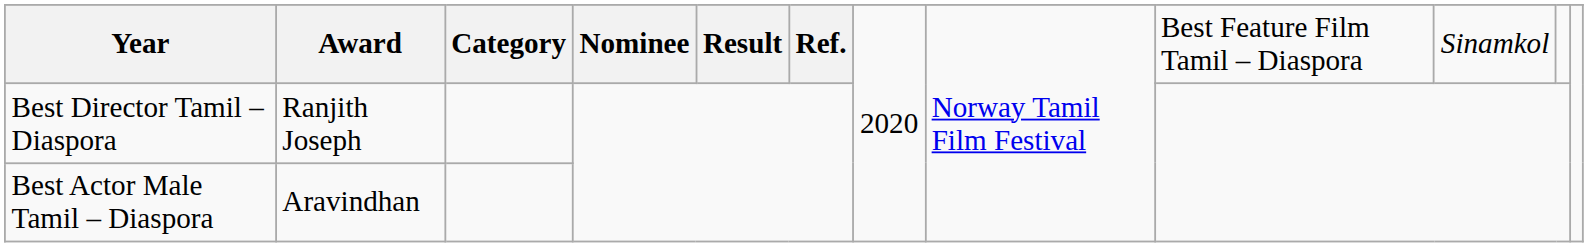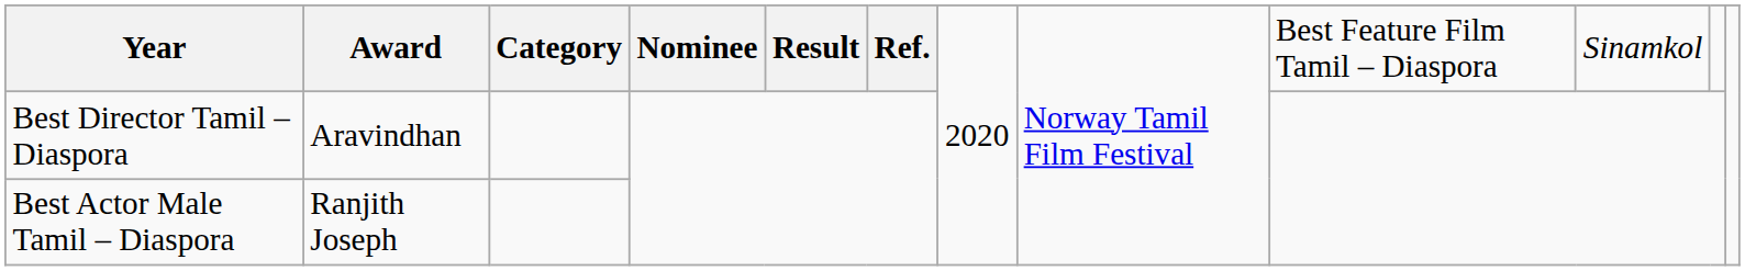 <table class="wikitable sortable">
 <tr>
 <th>Year</th>
 <th>Award</th>
 <th>Category</th>
 <th>Nominee</th>
 <th>Result</th>
 <th scope="col" class="unsortable">Ref.</th>
 <td rowspan="3">2020</td>
 <td rowspan="3"><a href='#'>Norway Tamil Film Festival</a></td>
 <td>Best Feature Film Tamil – Diaspora</td>
 <td><em>Sinamkol</em></td>
 <td></td>
 <td rowspan="3" style="text-align:center;"></td>
 </tr>
 <tr>
 <td>Best Director Tamil – Diaspora</td>
-<td>Ranjith Joseph</td>
+<td>Aravindhan</td>
 <td></td>
 </tr>
 <tr>
 <td>Best Actor Male Tamil – Diaspora</td>
-<td>Aravindhan</td>
+<td>Ranjith Joseph</td>
 <td></td>
 </tr>
 </table>
